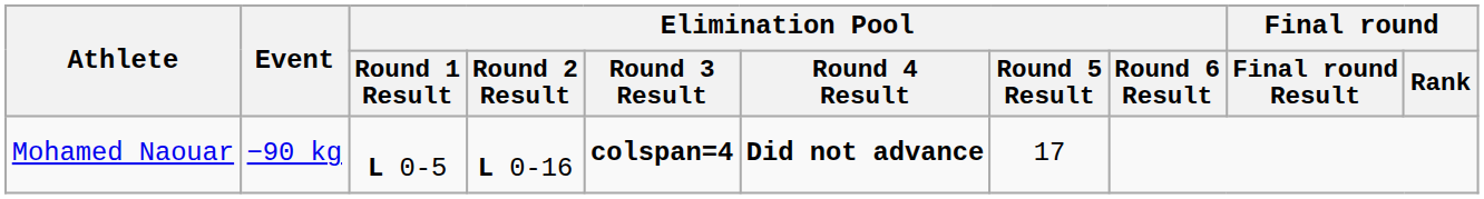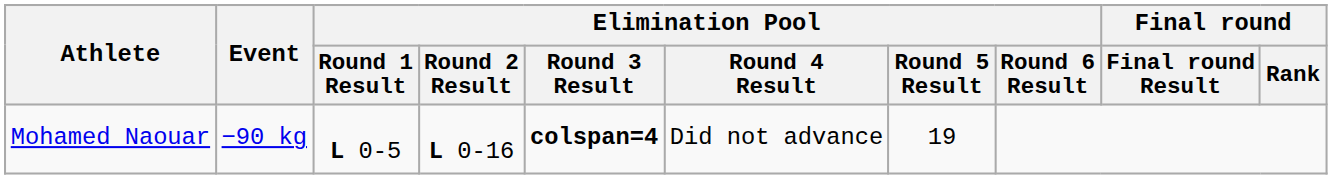 <table class="wikitable" style="font-size:90%">
 <tr>
 <th rowspan="2">Athlete</th>
 <th rowspan="2">Event</th>
 <th colspan=6>Elimination Pool</th>
 <th colspan=2>Final round</th>
 </tr>
 <tr style="font-size: 95%">
 <th>Round 1<br>Result</th>
 <th>Round 2<br>Result</th>
 <th>Round 3<br>Result</th>
 <th>Round 4<br>Result</th>
 <th>Round 5<br>Result</th>
 <th>Round 6<br>Result</th>
 <th>Final round<br>Result</th>
 <th>Rank</th>
 </tr>
 <tr align=center>
 <td align=left><a href='#'>Mohamed Naouar</a></td>
 <td align=left><a href='#'>−90 kg</a></td>
 <td><br><strong>L</strong> 0-5</td>
 <td><br><strong>L</strong> 0-16</td>
 <td><strong>colspan=4 </strong></td>
-<td><strong>Did not advance</strong></td>
-<td>17</td>
+<td>Did not advance</td>
+<td>19</td>
 </tr>
 </table>
